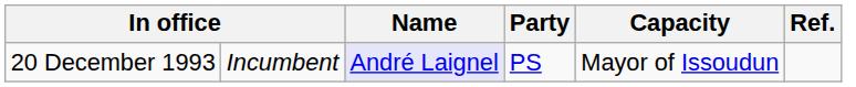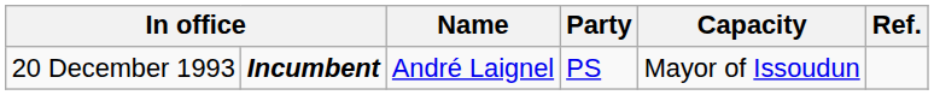 <table class="wikitable">
 <tr>
 <th colspan="2">In office</th>
 <th>Name</th>
 <th>Party</th>
 <th>Capacity</th>
 <th>Ref.</th>
 </tr>
 <tr>
 <td>20 December 1993</td>
-<td><em>Incumbent</em></td>
-<td style="background: lavender;"><a href='#'>André Laignel</a></td>
+<td><strong><em>Incumbent</em></strong></td>
+<td><a href='#'>André Laignel</a></td>
 <td><a href='#'>PS</a></td>
 <td>Mayor of <a href='#'>Issoudun</a></td>
 <td></td>
 </tr>
 </table>
